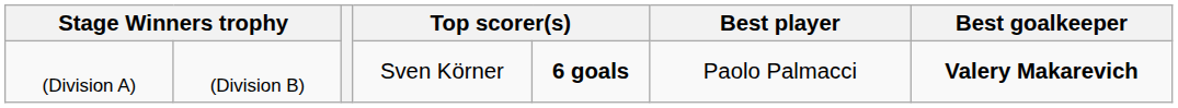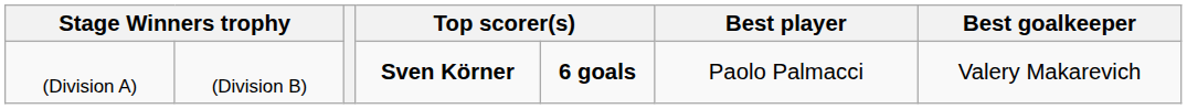 <table class="wikitable" style="text-align: center; font-size: 97%;">
 <tr>
 <th colspan=2 width=220>Stage Winners trophy</th>
 <th rowspan=2></th>
 <th colspan=2 width=200>Top scorer(s)</th>
 <th width=175>Best player</th>
 <th width=175>Best goalkeeper</th>
 </tr>
 <tr align=center style="background:">
 <td style="text-align:center;" width=110><br><small>(Division A)</small></td>
 <td width=110><br><small>(Division B)</small></td>
-<td> Sven Körner</td>
+<td><strong> Sven Körner</strong></td>
 <td><strong>6 goals</strong></td>
 <td> Paolo Palmacci</td>
-<td><strong> Valery Makarevich</strong></td>
+<td> Valery Makarevich</td>
 </tr>
 </table>
